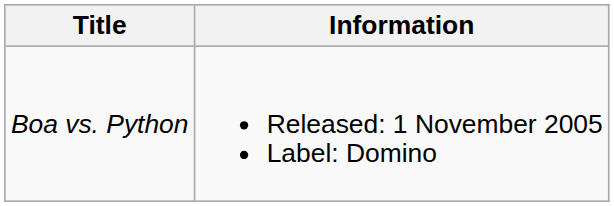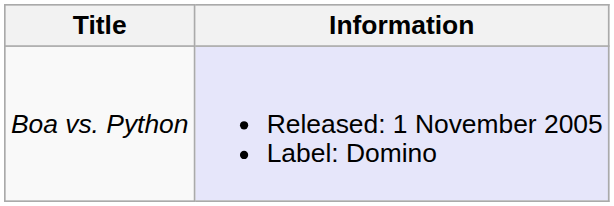 <table class="wikitable">
 <tr>
 <th>Title</th>
 <th>Information</th>
 </tr>
 <tr>
 <td><em>Boa vs. Python</em></td>
-<td><br><ul><li>Released: 1 November 2005</li><li>Label: Domino</li></ul></td>
+<td style="background: lavender;"><br><ul><li>Released: 1 November 2005</li><li>Label: Domino</li></ul></td>
 </tr>
 </table>
